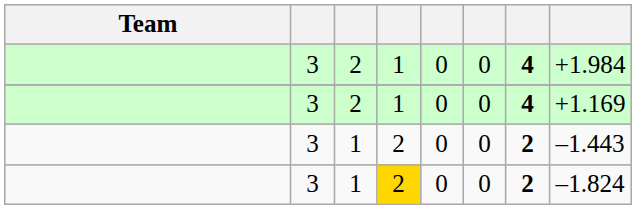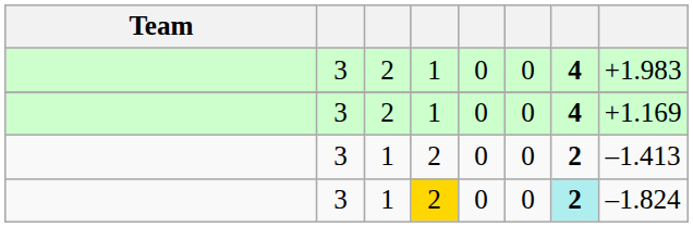 <table class="wikitable" style="text-align:center;">
 <tr>
 <th width=175>Team</th>
 <th style="width:20px;"></th>
 <th style="width:20px;"></th>
 <th style="width:20px;"></th>
 <th style="width:20px;"></th>
 <th style="width:20px;"></th>
 <th style="width:20px;"></th>
 <th style="width:20px;"></th>
 </tr>
 <tr style="solid green; background:#cfc;">
 <td style="text-align:left;"></td>
 <td>3</td>
 <td>2</td>
 <td>1</td>
 <td>0</td>
 <td>0</td>
 <td><strong>4</strong></td>
-<td>+1.984</td>
+<td>+1.983</td>
 </tr>
 <tr>
 </tr>
 <tr style="background:#cfc;">
 <td style="text-align:left;"></td>
 <td>3</td>
 <td>2</td>
 <td>1</td>
 <td>0</td>
 <td>0</td>
 <td><strong>4</strong></td>
 <td>+1.169</td>
 </tr>
 <tr>
 <td style="text-align:left;"></td>
 <td>3</td>
 <td>1</td>
 <td>2</td>
 <td>0</td>
 <td>0</td>
 <td><strong>2</strong></td>
-<td>–1.443</td>
+<td>–1.413</td>
 </tr>
 <tr>
 <td style="text-align:left;"></td>
 <td>3</td>
 <td>1</td>
 <td style="background: gold;">2</td>
 <td>0</td>
 <td>0</td>
-<td><strong>2</strong></td>
+<td style="background: paleturquoise;"><strong>2</strong></td>
 <td>–1.824</td>
 </tr>
 </table>
